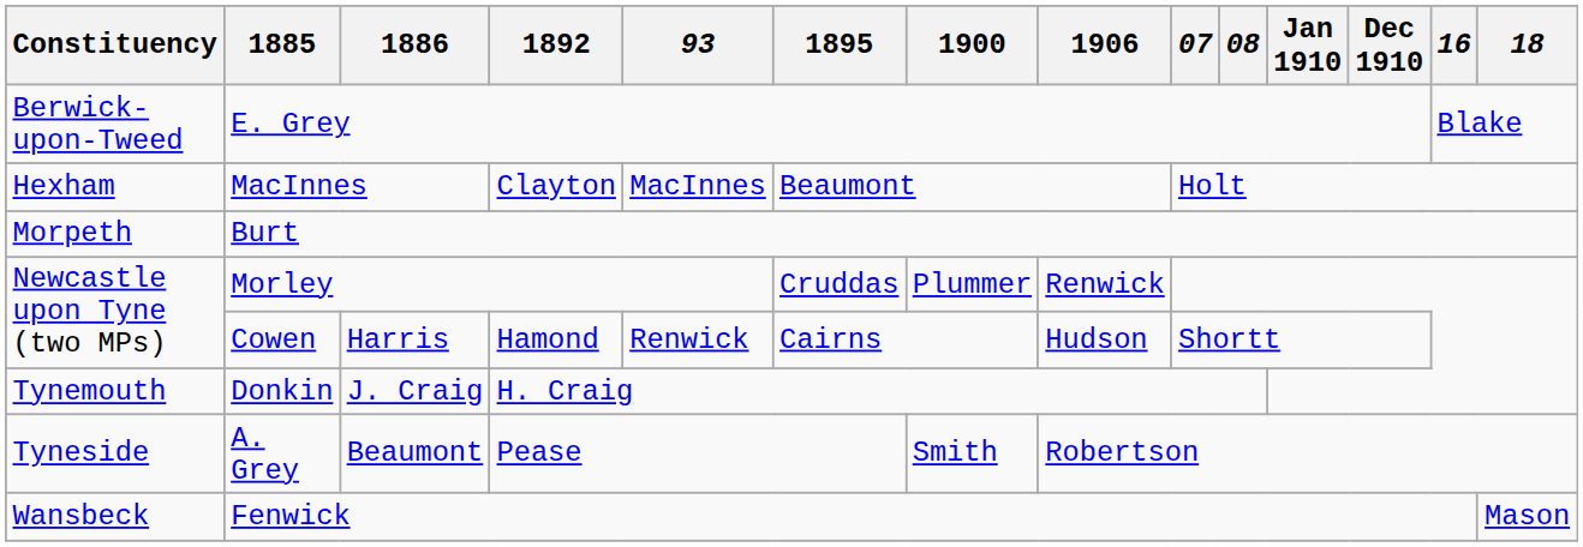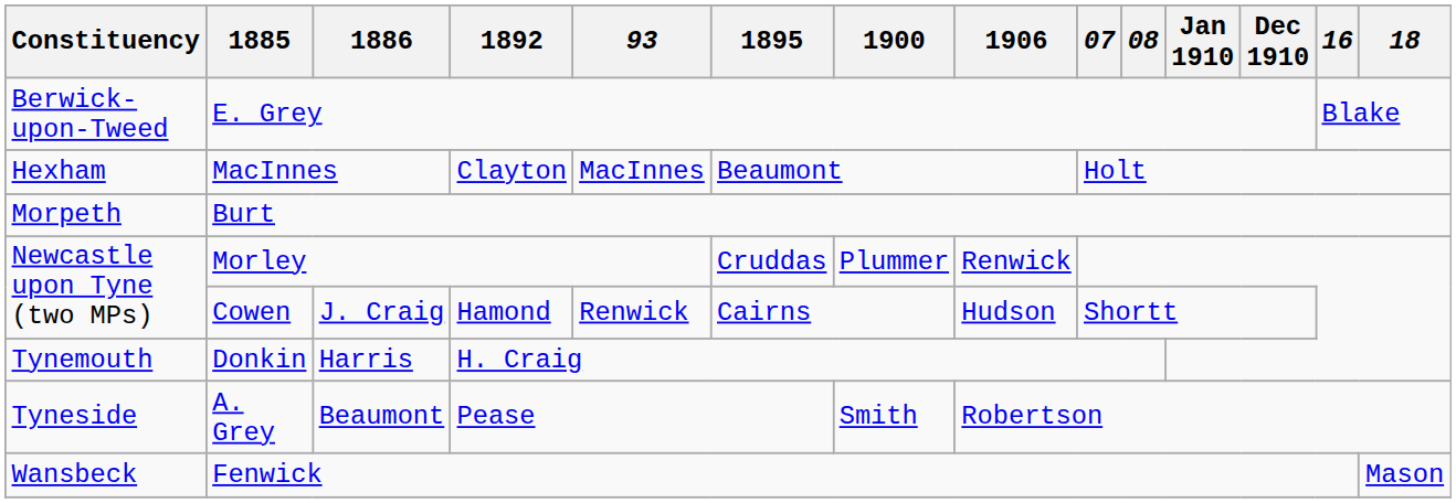 <table class="wikitable">
 <tr>
 <th>Constituency</th>
 <th>1885</th>
 <th>1886</th>
 <th>1892</th>
 <th><em>93</em></th>
 <th>1895</th>
 <th>1900</th>
 <th>1906</th>
 <th><em>07</em></th>
 <th><em>08</em></th>
 <th>Jan 1910</th>
 <th>Dec 1910</th>
 <th><em>16</em></th>
 <th><em>18</em></th>
 </tr>
 <tr>
 <td><a href='#'>Berwick-upon-Tweed</a></td>
 <td colspan="11"><a href='#'>E. Grey</a></td>
 <td colspan="2"><a href='#'>Blake</a></td>
 </tr>
 <tr>
 <td><a href='#'>Hexham</a></td>
 <td colspan="2"><a href='#'>MacInnes</a></td>
 <td><a href='#'>Clayton</a></td>
 <td><a href='#'>MacInnes</a></td>
 <td colspan="3"><a href='#'>Beaumont</a></td>
 <td colspan="6"><a href='#'>Holt</a></td>
 </tr>
 <tr>
 <td><a href='#'>Morpeth</a></td>
 <td colspan="13"><a href='#'>Burt</a></td>
 </tr>
 <tr>
 <td rowspan="2"><a href='#'>Newcastle upon Tyne</a> (two MPs)</td>
 <td colspan="4"><a href='#'>Morley</a></td>
 <td><a href='#'>Cruddas</a></td>
 <td><a href='#'>Plummer</a></td>
 <td><a href='#'>Renwick</a></td>
 </tr>
 <tr>
 <td><a href='#'>Cowen</a></td>
-<td><a href='#'>Harris</a></td>
+<td><a href='#'>J. Craig</a></td>
 <td><a href='#'>Hamond</a></td>
 <td><a href='#'>Renwick</a></td>
 <td colspan="2"><a href='#'>Cairns</a></td>
 <td><a href='#'>Hudson</a></td>
 <td colspan="4"><a href='#'>Shortt</a></td>
 </tr>
 <tr>
 <td><a href='#'>Tynemouth</a></td>
 <td><a href='#'>Donkin</a></td>
-<td><a href='#'>J. Craig</a></td>
+<td><a href='#'>Harris</a></td>
 <td colspan="7"><a href='#'>H. Craig</a></td>
 </tr>
 <tr>
 <td><a href='#'>Tyneside</a></td>
 <td><a href='#'>A. Grey</a></td>
 <td><a href='#'>Beaumont</a></td>
 <td colspan="3"><a href='#'>Pease</a></td>
 <td><a href='#'>Smith</a></td>
 <td colspan="7"><a href='#'>Robertson</a></td>
 </tr>
 <tr>
 <td><a href='#'>Wansbeck</a></td>
 <td colspan="12"><a href='#'>Fenwick</a></td>
 <td><a href='#'>Mason</a></td>
 </tr>
 </table>
